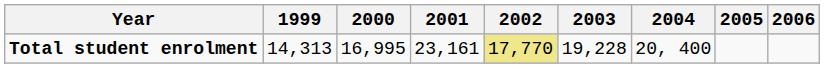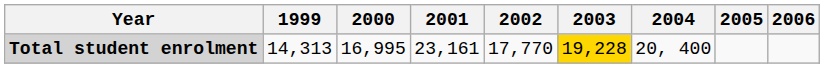 <table class="wikitable" style="text-align:center; margin-right:60px">
 <tr>
 <th>Year</th>
 <th>1999</th>
 <th>2000</th>
 <th>2001</th>
 <th>2002</th>
 <th>2003</th>
 <th>2004</th>
 <th>2005</th>
 <th>2006</th>
 </tr>
 <tr>
-<td><strong>Total student enrolment</strong></td>
+<td style="background: lightgrey;"><strong>Total student enrolment</strong></td>
 <td>14,313</td>
 <td>16,995</td>
 <td>23,161</td>
-<td style="background: khaki;">17,770</td>
-<td>19,228</td>
+<td>17,770</td>
+<td style="background: gold;">19,228</td>
 <td>20, 400</td>
 <td></td>
 </tr>
 </table>
